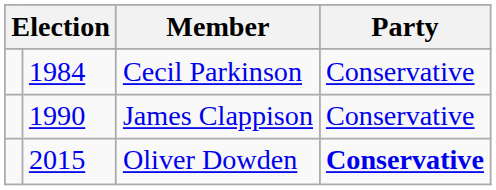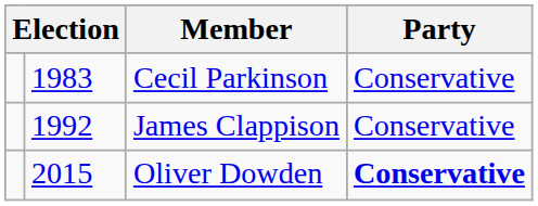 <table class="wikitable">
 <tr>
 <th colspan="2">Election</th>
 <th>Member</th>
 <th>Party</th>
 </tr>
 <tr>
 <td style="color:inherit;background-color: "></td>
-<td><a href='#'>1984</a></td>
+<td><a href='#'>1983</a></td>
 <td><a href='#'>Cecil Parkinson</a></td>
 <td><a href='#'>Conservative</a></td>
 </tr>
 <tr>
 <td style="color:inherit;background-color: "></td>
-<td><a href='#'>1990</a></td>
+<td><a href='#'>1992</a></td>
 <td><a href='#'>James Clappison</a></td>
 <td><a href='#'>Conservative</a></td>
 </tr>
 <tr>
 <td style="color:inherit;background-color: "></td>
 <td><a href='#'>2015</a></td>
 <td><a href='#'>Oliver Dowden</a></td>
 <td><strong><a href='#'>Conservative</a></strong></td>
 </tr>
 </table>
